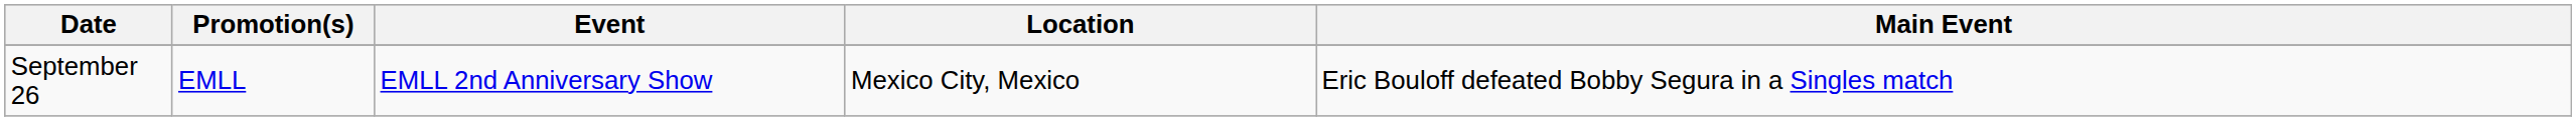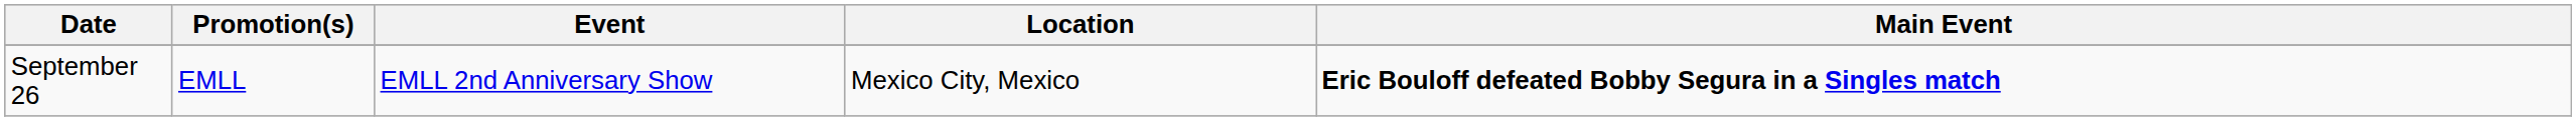 <table class="wikitable" style="width:100%;">
 <tr>
 <th width=5%>Date</th>
 <th width=5%>Promotion(s)</th>
 <th style="width:15%;">Event</th>
 <th style="width:15%;">Location</th>
 <th style="width:40%;">Main Event</th>
 </tr>
 <tr style="width:20%;"| Notes>
 </tr>
 <tr>
 </tr>
 <tr>
 <td>September 26</td>
 <td><a href='#'>EMLL</a></td>
 <td><a href='#'>EMLL 2nd Anniversary Show</a></td>
 <td>Mexico City, Mexico</td>
-<td>Eric Bouloff defeated Bobby Segura in a <a href='#'>Singles match</a></td>
+<td><strong>Eric Bouloff defeated Bobby Segura in a <a href='#'>Singles match</a></strong></td>
 </tr>
 </table>
